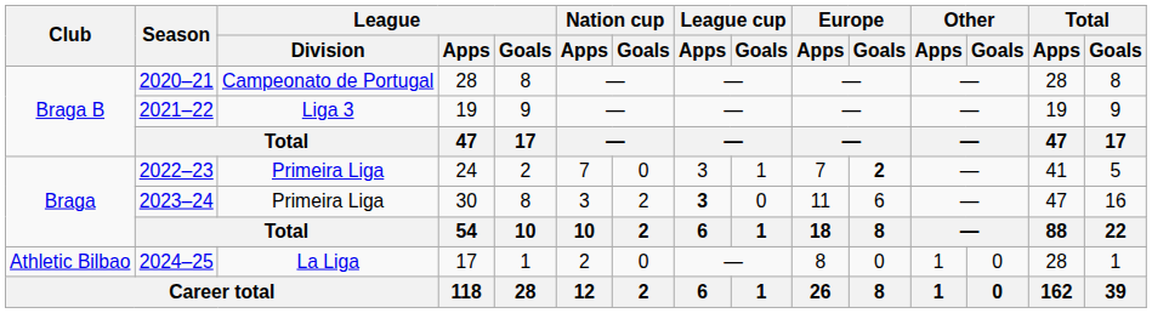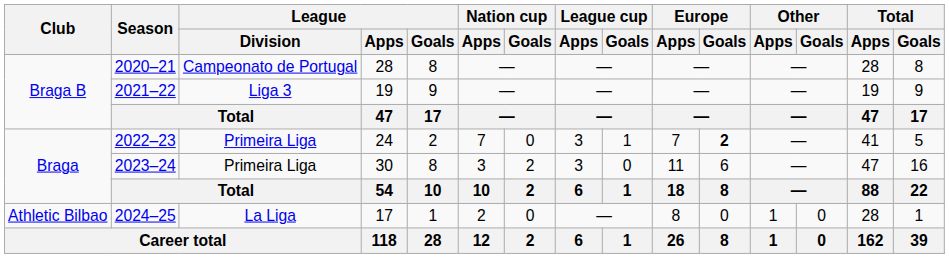 <table class="wikitable" style="text-align:center">
 <tr>
 <th rowspan="2">Club</th>
 <th rowspan="2">Season</th>
 <th colspan="3">League</th>
 <th colspan="2">Nation cup</th>
 <th colspan="2">League cup</th>
 <th colspan="2">Europe</th>
 <th colspan="2">Other</th>
 <th colspan="2">Total</th>
 </tr>
 <tr>
 <th>Division</th>
 <th>Apps</th>
 <th>Goals</th>
 <th>Apps</th>
 <th>Goals</th>
 <th>Apps</th>
 <th>Goals</th>
 <th>Apps</th>
 <th>Goals</th>
 <th>Apps</th>
 <th>Goals</th>
 <th>Apps</th>
 <th>Goals</th>
 </tr>
 <tr>
 <td rowspan="3"><a href='#'>Braga B</a></td>
 <td><a href='#'>2020–21</a></td>
 <td><a href='#'>Campeonato de Portugal</a></td>
 <td>28</td>
 <td>8</td>
 <td colspan="2">—</td>
 <td colspan="2">—</td>
 <td colspan="2">—</td>
 <td colspan="2">—</td>
 <td>28</td>
 <td>8</td>
 </tr>
 <tr>
 <td><a href='#'>2021–22</a></td>
 <td><a href='#'>Liga 3</a></td>
 <td>19</td>
 <td>9</td>
 <td colspan="2">—</td>
 <td colspan="2">—</td>
 <td colspan="2">—</td>
 <td colspan="2">—</td>
 <td>19</td>
 <td>9</td>
 </tr>
 <tr>
 <th colspan="2">Total</th>
 <th>47</th>
 <th>17</th>
 <th colspan="2">—</th>
 <th colspan="2">—</th>
 <th colspan="2">—</th>
 <th colspan="2">—</th>
 <th>47</th>
 <th>17</th>
 </tr>
 <tr>
 <td rowspan="3"><a href='#'>Braga</a></td>
 <td><a href='#'>2022–23</a></td>
 <td><a href='#'>Primeira Liga</a></td>
 <td>24</td>
 <td>2</td>
 <td>7</td>
 <td>0</td>
 <td>3</td>
 <td>1</td>
 <td>7</td>
 <td><strong>2</strong></td>
 <td colspan="2">—</td>
 <td>41</td>
 <td>5</td>
 </tr>
 <tr>
 <td><a href='#'>2023–24</a></td>
 <td>Primeira Liga</td>
 <td>30</td>
 <td>8</td>
 <td>3</td>
 <td>2</td>
-<td><strong>3</strong></td>
+<td>3</td>
 <td>0</td>
 <td>11</td>
 <td>6</td>
 <td colspan="2">—</td>
 <td>47</td>
 <td>16</td>
 </tr>
 <tr>
 <th colspan="2">Total</th>
 <th>54</th>
 <th>10</th>
 <th>10</th>
 <th>2</th>
 <th>6</th>
 <th>1</th>
 <th>18</th>
 <th>8</th>
 <th colspan="2">—</th>
 <th>88</th>
 <th>22</th>
 </tr>
 <tr>
 <td><a href='#'>Athletic Bilbao</a></td>
 <td><a href='#'>2024–25</a></td>
 <td><a href='#'>La Liga</a></td>
 <td>17</td>
 <td>1</td>
 <td>2</td>
 <td>0</td>
 <td colspan="2">—</td>
 <td>8</td>
 <td>0</td>
 <td>1</td>
 <td>0</td>
 <td>28</td>
 <td>1</td>
 </tr>
 <tr>
 <th colspan="3">Career total</th>
 <th>118</th>
 <th>28</th>
 <th>12</th>
 <th>2</th>
 <th>6</th>
 <th>1</th>
 <th>26</th>
 <th>8</th>
 <th>1</th>
 <th>0</th>
 <th>162</th>
 <th>39</th>
 </tr>
 </table>
